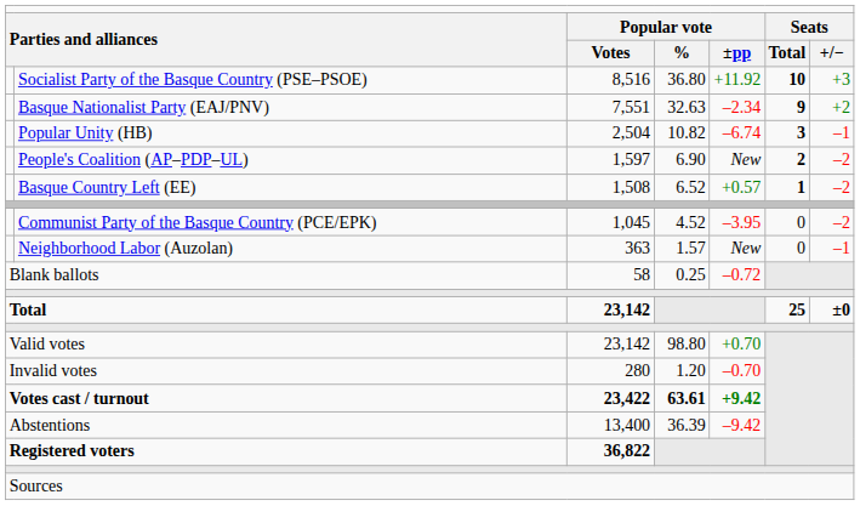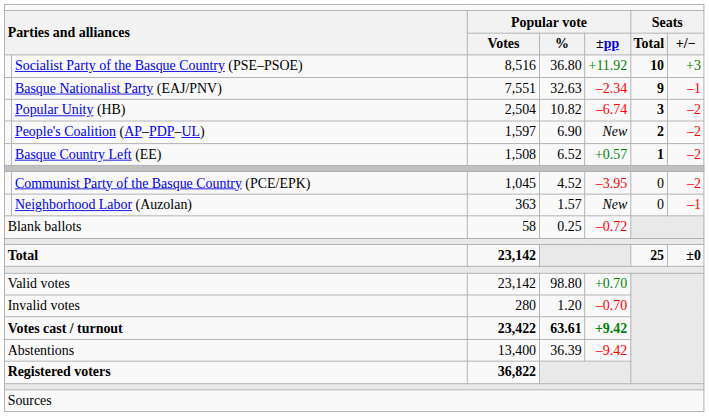 <table class="wikitable" style="text-align:right;">
 <tr>
 <td colspan="7"></td>
 </tr>
 <tr>
 <th style="text-align:left;" rowspan="2" colspan="2" width="525">Parties and alliances</th>
 <th colspan="3">Popular vote</th>
 <th colspan="2">Seats</th>
 </tr>
 <tr>
 <th width="75">Votes</th>
 <th width="45">%</th>
 <th width="45">±<a href='#'>pp</a></th>
 <th width="35">Total</th>
 <th width="35">+/−</th>
 </tr>
 <tr>
 <td width="1" style="color:inherit;background:"></td>
 <td align="left"><a href='#'>Socialist Party of the Basque Country</a> (PSE–PSOE)</td>
 <td>8,516</td>
 <td>36.80</td>
 <td style="color:green;">+11.92</td>
 <td><strong>10</strong></td>
 <td style="color:green;">+3</td>
 </tr>
 <tr>
 <td style="color:inherit;background:"></td>
 <td align="left"><a href='#'>Basque Nationalist Party</a> (EAJ/PNV)</td>
 <td>7,551</td>
 <td>32.63</td>
 <td style="color:red;">–2.34</td>
 <td><strong>9</strong></td>
-<td style="color:green;">+2</td>
+<td style="color:red;">–1</td>
 </tr>
 <tr>
 <td style="color:inherit;background:"></td>
 <td align="left"><a href='#'>Popular Unity</a> (HB)</td>
 <td>2,504</td>
 <td>10.82</td>
 <td style="color:red;">–6.74</td>
 <td><strong>3</strong></td>
-<td style="color:red;">–1</td>
+<td style="color:red;">–2</td>
 </tr>
 <tr>
 <td style="color:inherit;background:"></td>
 <td align="left"><a href='#'>People's Coalition</a> (<a href='#'>AP</a>–<a href='#'>PDP</a>–<a href='#'>UL</a>)</td>
 <td>1,597</td>
 <td>6.90</td>
 <td><em>New</em></td>
 <td><strong>2</strong></td>
 <td style="color:red;">–2</td>
 </tr>
 <tr>
 <td style="color:inherit;background:"></td>
 <td align="left"><a href='#'>Basque Country Left</a> (EE)</td>
 <td>1,508</td>
 <td>6.52</td>
 <td style="color:green;">+0.57</td>
 <td><strong>1</strong></td>
 <td style="color:red;">–2</td>
 </tr>
 <tr>
 <td colspan="7" bgcolor="#C0C0C0"></td>
 </tr>
 <tr>
 <td style="color:inherit;background:"></td>
 <td align="left"><a href='#'>Communist Party of the Basque Country</a> (PCE/EPK)</td>
 <td>1,045</td>
 <td>4.52</td>
 <td style="color:red;">–3.95</td>
 <td>0</td>
 <td style="color:red;">–2</td>
 </tr>
 <tr>
 <td style="color:inherit;background:"></td>
 <td align="left"><a href='#'>Neighborhood Labor</a> (Auzolan)</td>
 <td>363</td>
 <td>1.57</td>
 <td><em>New</em></td>
 <td>0</td>
 <td style="color:red;">–1</td>
 </tr>
 <tr>
 <td align="left" colspan="2">Blank ballots</td>
 <td>58</td>
 <td>0.25</td>
 <td style="color:red;">–0.72</td>
 <td bgcolor="#E9E9E9" colspan="2"></td>
 </tr>
 <tr>
 <td colspan="7" bgcolor="#E9E9E9"></td>
 </tr>
 <tr style="font-weight:bold;">
 <td align="left" colspan="2">Total</td>
 <td>23,142</td>
 <td bgcolor="#E9E9E9" colspan="2"></td>
 <td>25</td>
 <td>±0</td>
 </tr>
 <tr>
 <td colspan="7" bgcolor="#E9E9E9"></td>
 </tr>
 <tr>
 <td align="left" colspan="2">Valid votes</td>
 <td>23,142</td>
 <td>98.80</td>
 <td style="color:green;">+0.70</td>
 <td bgcolor="#E9E9E9" colspan="2" rowspan="5"></td>
 </tr>
 <tr>
 <td align="left" colspan="2">Invalid votes</td>
 <td>280</td>
 <td>1.20</td>
 <td style="color:red;">–0.70</td>
 </tr>
 <tr style="font-weight:bold;">
 <td align="left" colspan="2">Votes cast / turnout</td>
 <td>23,422</td>
 <td>63.61</td>
 <td style="color:green;">+9.42</td>
 </tr>
 <tr>
 <td align="left" colspan="2">Abstentions</td>
 <td>13,400</td>
 <td>36.39</td>
 <td style="color:red;">–9.42</td>
 </tr>
 <tr style="font-weight:bold;">
 <td align="left" colspan="2">Registered voters</td>
 <td>36,822</td>
 <td bgcolor="#E9E9E9" colspan="2"></td>
 </tr>
 <tr>
 <td colspan="7" bgcolor="#E9E9E9"></td>
 </tr>
 <tr>
 <td align="left" colspan="7">Sources</td>
 </tr>
 </table>
